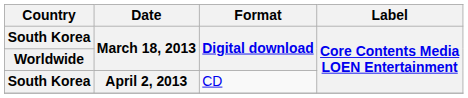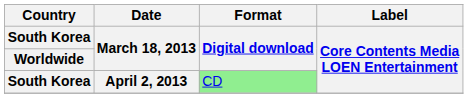 <table class="wikitable plainrowheaders">
 <tr>
 <th scope="col">Country</th>
 <th>Date</th>
 <th>Format</th>
 <th>Label</th>
 </tr>
 <tr>
 <th scope="row" rowspan="1">South Korea</th>
 <th scope="row" rowspan="2">March 18, 2013</th>
 <th scope="row" rowspan="2"><a href='#'>Digital download</a></th>
 <th scope="row" rowspan="3"><a href='#'>Core Contents Media</a><br><a href='#'>LOEN Entertainment</a></th>
 </tr>
 <tr>
 <th scope="row" rowspan="1">Worldwide</th>
 </tr>
 <tr>
 <th scope="row" rowspan="1">South Korea</th>
 <th scope="row" rowspan="1">April 2, 2013</th>
-<td><a href='#'>CD</a></td>
+<td style="background: lightgreen;"><a href='#'>CD</a></td>
 </tr>
 <tr>
 </tr>
 </table>
